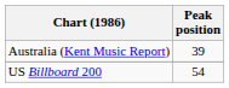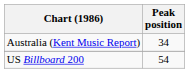 <table class="wikitable">
 <tr>
 <th scope="col">Chart (1986)</th>
 <th>Peak<br>position</th>
 </tr>
 <tr>
 <td>Australia (<a href='#'>Kent Music Report</a>)</td>
-<td style="text-align:center;">39</td>
+<td style="text-align:center;">34</td>
 </tr>
 <tr>
 </tr>
 <tr>
 </tr>
 <tr>
 </tr>
 <tr>
 <td>US <a href='#'><em>Billboard</em> 200</a></td>
 <td style="text-align:center;">54</td>
 </tr>
 </table>
